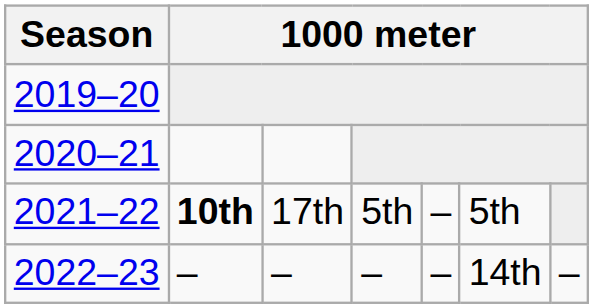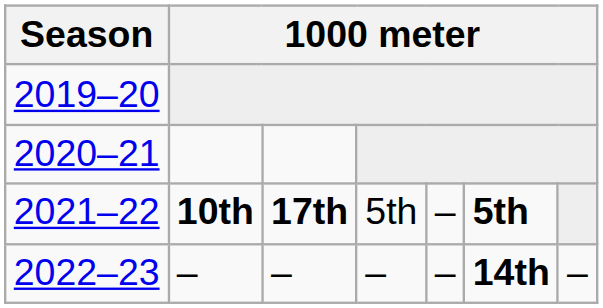 <table class="wikitable" style="display: inline-table;">
 <tr>
 <th>Season</th>
 <th colspan="6">1000 meter</th>
 </tr>
 <tr>
 <td><a href='#'>2019–20</a></td>
 <td colspan="6" bgcolor=#EEEEEE></td>
 </tr>
 <tr>
 <td><a href='#'>2020–21</a></td>
 <td></td>
 <td></td>
 <td colspan="4" bgcolor=#EEEEEE></td>
 </tr>
 <tr>
 <td><a href='#'>2021–22</a></td>
 <td><strong>10th</strong></td>
-<td>17th</td>
+<td><strong>17th</strong></td>
 <td>5th</td>
 <td>–</td>
-<td>5th</td>
+<td><strong>5th</strong></td>
 <td olspan="1" bgcolor=#EEEEEE></td>
 </tr>
 <tr>
 <td><a href='#'>2022–23</a></td>
 <td>–</td>
 <td>–</td>
 <td>–</td>
 <td>–</td>
-<td>14th</td>
+<td><strong>14th</strong></td>
 <td>–</td>
 </tr>
 </table>
